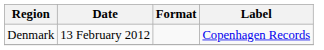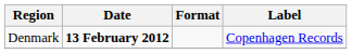 <table class=wikitable>
 <tr>
 <th>Region</th>
 <th>Date</th>
 <th>Format</th>
 <th>Label</th>
 </tr>
 <tr>
 <td>Denmark</td>
-<td>13 February 2012</td>
+<td><strong>13 February 2012</strong></td>
 <td></td>
 <td><a href='#'>Copenhagen Records</a></td>
 </tr>
 <tr>
 </tr>
 </table>
